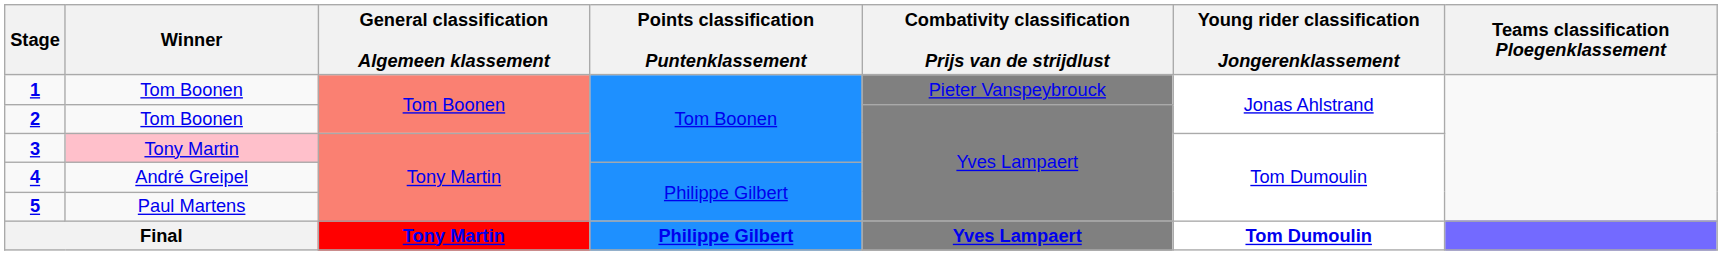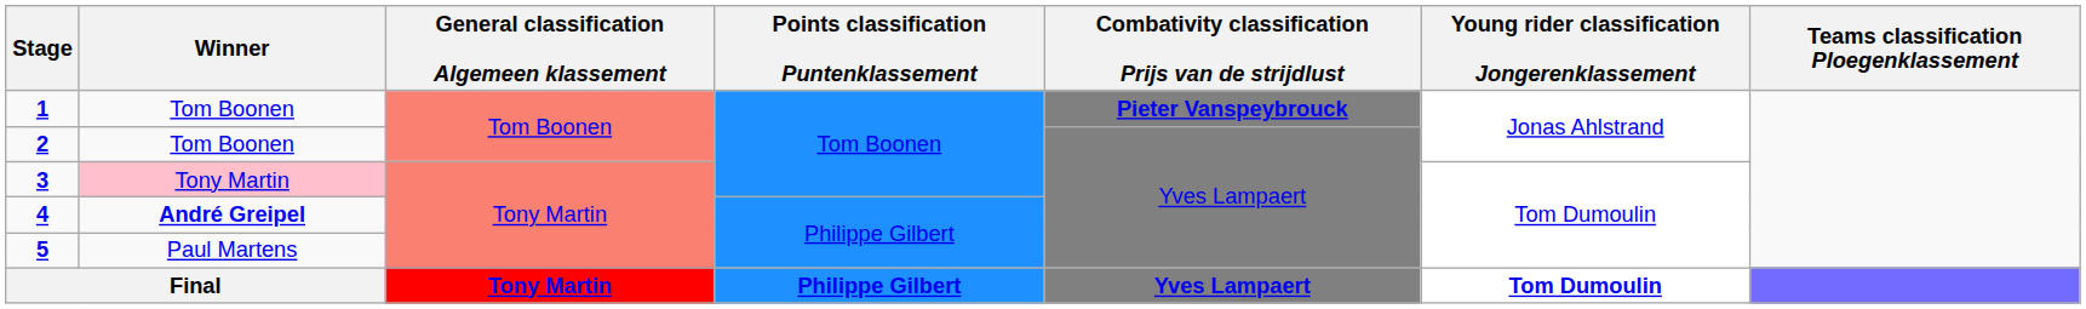 <table class="wikitable" style="text-align: center; font-size:smaller;">
 <tr style="background-color: #efefef;">
 <th width="1%">Stage</th>
 <th width="13%">Winner</th>
 <th width="14%">General classification<br><br><em>Algemeen klassement</em></th>
 <th width="14%">Points classification<br><br><em>Puntenklassement</em></th>
 <th width="16%">Combativity classification<br><br><em>Prijs van de strijdlust</em></th>
 <th width="14%">Young rider classification<br><br><em>Jongerenklassement</em></th>
 <th width="14%">Teams classification<br><em>Ploegenklassement</em></th>
 </tr>
 <tr>
 <td><strong><a href='#'>1</a></strong></td>
 <td><a href='#'>Tom Boonen</a></td>
 <td style="background:salmon" rowspan=2><a href='#'>Tom Boonen</a></td>
 <td style="background:dodgerblue;" rowspan=3><a href='#'>Tom Boonen</a></td>
-<td style="background:grey;"><a href='#'>Pieter Vanspeybrouck</a></td>
+<td style="background:grey;"><strong><a href='#'>Pieter Vanspeybrouck</a></strong></td>
 <td style="background:white;" rowspan=2><a href='#'>Jonas Ahlstrand</a></td>
 <td rowspan=5></td>
 </tr>
 <tr>
 <td><strong><a href='#'>2</a></strong></td>
 <td><a href='#'>Tom Boonen</a></td>
 <td style="background:grey;" rowspan=4><a href='#'>Yves Lampaert</a></td>
 </tr>
 <tr>
 <td><strong><a href='#'>3</a></strong></td>
 <td style="background: pink;"><a href='#'>Tony Martin</a></td>
 <td style="background:salmon" rowspan=3><a href='#'>Tony Martin</a></td>
 <td style="background:white;" rowspan=3><a href='#'>Tom Dumoulin</a></td>
 </tr>
 <tr>
 <td><strong><a href='#'>4</a></strong></td>
-<td><a href='#'>André Greipel</a></td>
+<td><strong><a href='#'>André Greipel</a></strong></td>
 <td style="background:dodgerblue;" rowspan=2><a href='#'>Philippe Gilbert</a></td>
 </tr>
 <tr>
 <td><strong><a href='#'>5</a></strong></td>
 <td><a href='#'>Paul Martens</a></td>
 </tr>
 <tr>
 <th colspan=2><strong>Final</strong></th>
 <th style="background:red;"><a href='#'>Tony Martin</a></th>
 <th style="background:dodgerblue;"><a href='#'>Philippe Gilbert</a></th>
 <th style="background:grey;"><a href='#'>Yves Lampaert</a></th>
 <th style="background:white;"><a href='#'>Tom Dumoulin</a></th>
 <th style="background:#736AFF;"></th>
 </tr>
 </table>
